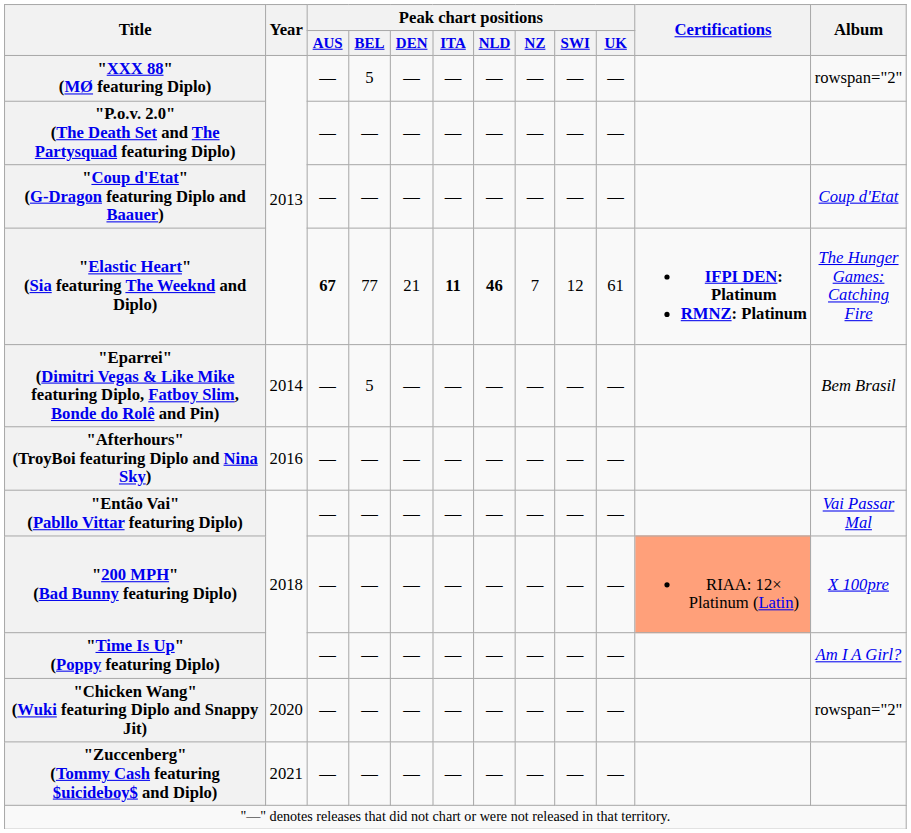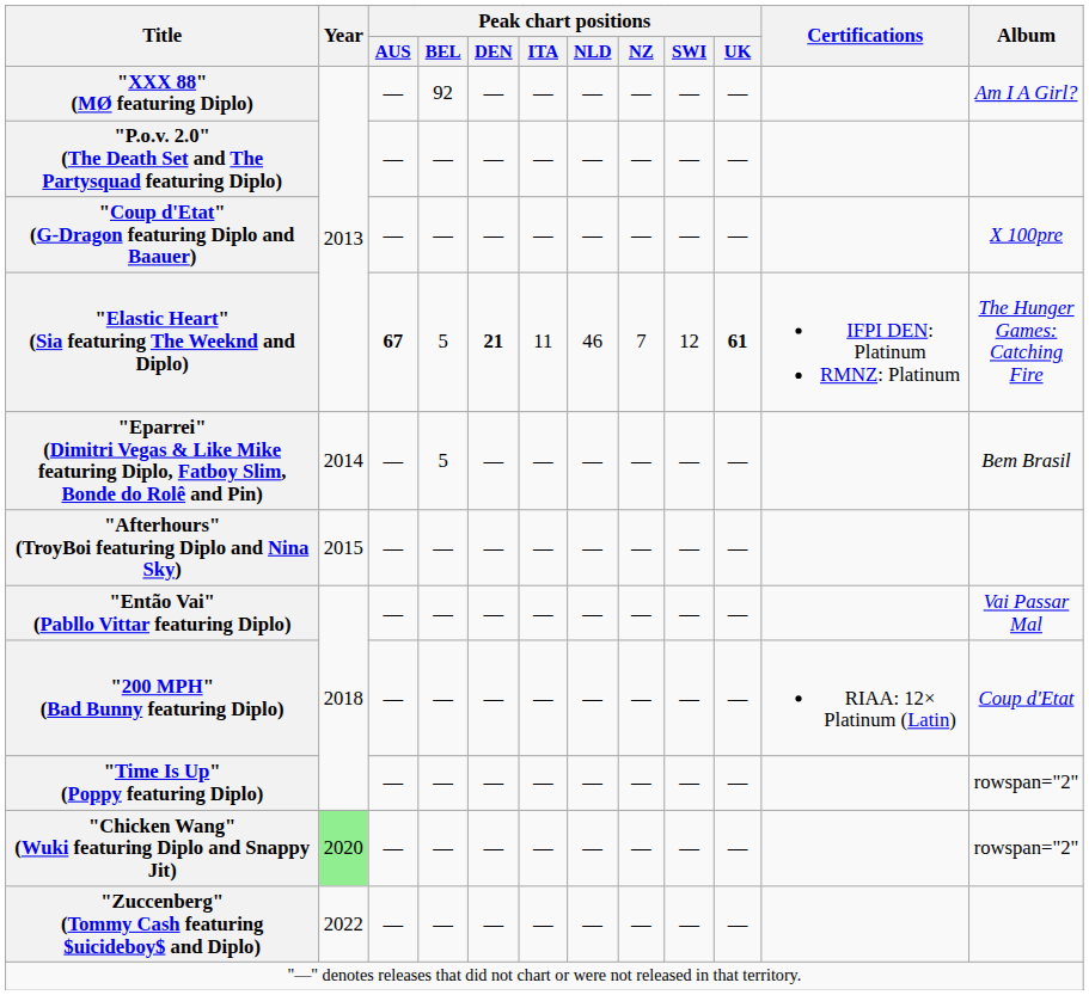 <table class="wikitable plainrowheaders" style="text-align:center;" border="1">
 <tr>
 <th scope="col" rowspan="2" style="width:20em;">Title</th>
 <th scope="col" rowspan="2">Year</th>
 <th scope="col" colspan="8">Peak chart positions</th>
 <th scope="col" rowspan="2" style="width:12em;"><a href='#'>Certifications</a></th>
 <th scope="col" rowspan="2">Album</th>
 </tr>
 <tr>
 <th scope="col" style="width:2.5em;font-size:90%;"><a href='#'>AUS</a><br></th>
 <th scope="col" style="width:2.5em;font-size:90%;"><a href='#'>BEL</a><br></th>
 <th scope="col" style="width:2.5em;font-size:90%;"><a href='#'>DEN</a><br></th>
 <th scope="col" style="width:2.5em;font-size:90%;"><a href='#'>ITA</a><br></th>
 <th scope="col" style="width:2.5em;font-size:90%;"><a href='#'>NLD</a><br></th>
 <th scope="col" style="width:2.5em;font-size:90%;"><a href='#'>NZ</a><br></th>
 <th scope="col" style="width:2.5em;font-size:90%;"><a href='#'>SWI</a><br></th>
 <th scope="col" style="width:2.5em;font-size:90%;"><a href='#'>UK</a><br></th>
 </tr>
 <tr>
 <th scope="row">"<a href='#'>XXX 88</a>"<br><span>(<a href='#'>MØ</a> featuring Diplo)</span></th>
 <td rowspan="4">2013</td>
 <td>—</td>
-<td>5</td>
+<td>92</td>
 <td>—</td>
 <td>—</td>
 <td>—</td>
 <td>—</td>
 <td>—</td>
 <td>—</td>
 <td></td>
-<td>rowspan="2" </td>
+<td><em><a href='#'>Am I A Girl?</a></em></td>
 </tr>
 <tr>
 <th scope="row">"P.o.v. 2.0"<br><span>(<a href='#'>The Death Set</a> and <a href='#'>The Partysquad</a> featuring Diplo)</span></th>
 <td>—</td>
 <td>—</td>
 <td>—</td>
 <td>—</td>
 <td>—</td>
 <td>—</td>
 <td>—</td>
 <td>—</td>
 <td></td>
 </tr>
 <tr>
 <th scope="row">"<a href='#'>Coup d'Etat</a>"<br><span>(<a href='#'>G-Dragon</a> featuring Diplo and <a href='#'>Baauer</a>)</span></th>
 <td>—</td>
 <td>—</td>
 <td>—</td>
 <td>—</td>
 <td>—</td>
 <td>—</td>
 <td>—</td>
 <td>—</td>
 <td></td>
-<td><em><a href='#'>Coup d'Etat</a></em></td>
+<td><em><a href='#'>X 100pre</a></em></td>
 </tr>
 <tr>
 <th scope="row">"<a href='#'>Elastic Heart</a>"<br><span>(<a href='#'>Sia</a> featuring <a href='#'>The Weeknd</a> and Diplo)</span></th>
 <td><strong>67</strong></td>
-<td>77</td>
-<td>21</td>
-<td><strong>11</strong></td>
-<td><strong>46</strong></td>
+<td>5</td>
+<td><strong>21</strong></td>
+<td>11</td>
+<td>46</td>
 <td>7</td>
 <td>12</td>
-<td>61</td>
-<td><strong><br><ul><li><a href='#'>IFPI DEN</a>: Platinum</li><li><a href='#'>RMNZ</a>: Platinum</li></ul></strong></td>
+<td><strong>61</strong></td>
+<td><br><ul><li><a href='#'>IFPI DEN</a>: Platinum</li><li><a href='#'>RMNZ</a>: Platinum</li></ul></td>
 <td><em><a href='#'>The Hunger Games: Catching Fire</a></em></td>
 </tr>
 <tr>
 <th scope="row">"Eparrei"<br><span>(<a href='#'>Dimitri Vegas & Like Mike</a> featuring Diplo, <a href='#'>Fatboy Slim</a>, <a href='#'>Bonde do Rolê</a> and Pin)</span></th>
 <td>2014</td>
 <td>—</td>
 <td>5</td>
 <td>—</td>
 <td>—</td>
 <td>—</td>
 <td>—</td>
 <td>—</td>
 <td>—</td>
 <td></td>
 <td><em>Bem Brasil</em></td>
 </tr>
 <tr>
 <th scope="row">"Afterhours"<br><span>(TroyBoi featuring Diplo and <a href='#'>Nina Sky</a>)</span></th>
-<td>2016</td>
+<td>2015</td>
 <td>—</td>
 <td>—</td>
 <td>—</td>
 <td>—</td>
 <td>—</td>
 <td>—</td>
 <td>—</td>
 <td>—</td>
 <td></td>
 <td></td>
 </tr>
 <tr>
 <th scope="row">"Então Vai" <br><span>(<a href='#'>Pabllo Vittar</a> featuring Diplo)</span></th>
 <td rowspan="3">2018</td>
 <td>—</td>
 <td>—</td>
 <td>—</td>
 <td>—</td>
 <td>—</td>
 <td>—</td>
 <td>—</td>
 <td>—</td>
 <td></td>
 <td><em><a href='#'>Vai Passar Mal</a></em></td>
 </tr>
 <tr>
 <th scope="row">"<a href='#'>200 MPH</a>" <br><span>(<a href='#'>Bad Bunny</a> featuring Diplo)</span></th>
 <td>—</td>
 <td>—</td>
 <td>—</td>
 <td>—</td>
 <td>—</td>
 <td>—</td>
 <td>—</td>
 <td>—</td>
-<td style="background: lightsalmon;"><br><ul><li>RIAA: 12× Platinum (<a href='#'>Latin</a>)</li></ul></td>
-<td><em><a href='#'>X 100pre</a></em></td>
+<td><br><ul><li>RIAA: 12× Platinum (<a href='#'>Latin</a>)</li></ul></td>
+<td><em><a href='#'>Coup d'Etat</a></em></td>
 </tr>
 <tr>
 <th scope="row">"<a href='#'>Time Is Up</a>" <br><span>(<a href='#'>Poppy</a> featuring Diplo)</span></th>
 <td>—</td>
 <td>—</td>
 <td>—</td>
 <td>—</td>
 <td>—</td>
 <td>—</td>
 <td>—</td>
 <td>—</td>
 <td></td>
-<td><em><a href='#'>Am I A Girl?</a></em></td>
+<td>rowspan="2" </td>
 </tr>
 <tr>
 <th scope="row">"Chicken Wang" <br><span>(<a href='#'>Wuki</a> featuring Diplo and Snappy Jit)</span></th>
-<td>2020</td>
+<td style="background: lightgreen;">2020</td>
 <td>—</td>
 <td>—</td>
 <td>—</td>
 <td>—</td>
 <td>—</td>
 <td>—</td>
 <td>—</td>
 <td>—</td>
 <td></td>
 <td>rowspan="2" </td>
 </tr>
 <tr>
 <th scope="row">"Zuccenberg"<br><span>(<a href='#'>Tommy Cash</a> featuring <a href='#'>$uicideboy$</a> and Diplo)</span></th>
-<td>2021</td>
+<td>2022</td>
 <td>—</td>
 <td>—</td>
 <td>—</td>
 <td>—</td>
 <td>—</td>
 <td>—</td>
 <td>—</td>
 <td>—</td>
 <td></td>
 </tr>
 <tr>
 <td colspan="14" style="text-align:center; font-size:85%;">"—" denotes releases that did not chart or were not released in that territory.</td>
 </tr>
 </table>
